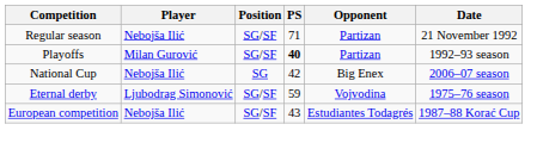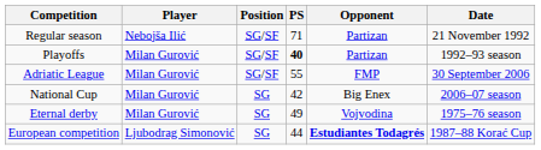 <table class="wikitable sortable" style="text-align:center">
 <tr>
 <th>Competition</th>
 <th>Player</th>
 <th>Position</th>
 <th>PS</th>
 <th>Opponent</th>
 <th>Date</th>
 </tr>
 <tr>
 <td>Regular season</td>
 <td style="text-align:left;"> <a href='#'>Nebojša Ilić</a></td>
 <td><a href='#'>SG</a>/<a href='#'>SF</a></td>
 <td>71</td>
 <td><a href='#'>Partizan</a></td>
 <td>21 November 1992</td>
 </tr>
 <tr>
 <td>Playoffs</td>
 <td style="text-align:left;"> <a href='#'>Milan Gurović</a></td>
 <td><a href='#'>SG</a>/<a href='#'>SF</a></td>
 <td><strong>40</strong></td>
 <td><a href='#'>Partizan</a></td>
 <td>1992–93 season</td>
 </tr>
 <tr>
+<td><a href='#'>Adriatic League</a></td>
+<td style="text-align:left;"> <a href='#'>Milan Gurović</a></td>
+<td><a href='#'>SG</a>/<a href='#'>SF</a></td>
+<td>55</td>
+<td><a href='#'>FMP</a></td>
+<td><a href='#'>30 September 2006</a></td>
+</tr>
+<tr>
 <td>National Cup</td>
-<td style="text-align:left;"> <a href='#'>Nebojša Ilić</a></td>
+<td style="text-align:left;"> <a href='#'>Milan Gurović</a></td>
 <td><a href='#'>SG</a></td>
 <td>42</td>
 <td>Big Enex</td>
 <td><a href='#'>2006–07 season</a></td>
 </tr>
 <tr>
 <td><a href='#'>Eternal derby</a></td>
-<td style="text-align:left;"> <a href='#'>Ljubodrag Simonović</a></td>
-<td><a href='#'>SG</a>/<a href='#'>SF</a></td>
-<td>59</td>
+<td style="text-align:left;"> <a href='#'>Milan Gurović</a></td>
+<td><a href='#'>SG</a></td>
+<td>49</td>
 <td><a href='#'>Vojvodina</a></td>
 <td><a href='#'>1975–76 season</a></td>
 </tr>
 <tr>
 <td><a href='#'>European competition</a></td>
-<td style="text-align:left;"> <a href='#'>Nebojša Ilić</a></td>
-<td><a href='#'>SG</a>/<a href='#'>SF</a></td>
-<td>43</td>
-<td><a href='#'>Estudiantes Todagrés</a></td>
+<td style="text-align:left;"> <a href='#'>Ljubodrag Simonović</a></td>
+<td><a href='#'>SG</a></td>
+<td>44</td>
+<td><strong><a href='#'>Estudiantes Todagrés</a></strong></td>
 <td><a href='#'>1987–88 Korać Cup</a></td>
 </tr>
 </table>
